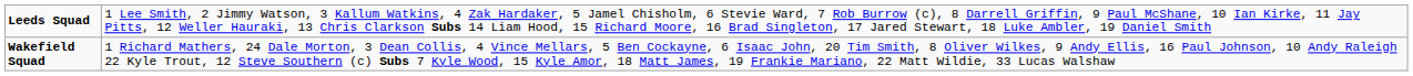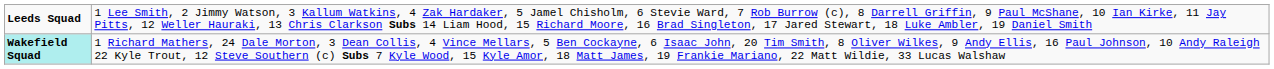 <table class="wikitable" style="font-size:85%;">
 <tr>
 <td><strong>Leeds Squad</strong></td>
 <td>1 <a href='#'>Lee Smith</a>, 2 Jimmy Watson, 3 <a href='#'>Kallum Watkins</a>, 4 <a href='#'>Zak Hardaker</a>, 5 Jamel Chisholm, 6 Stevie Ward, 7 <a href='#'>Rob Burrow</a> (c), 8 <a href='#'>Darrell Griffin</a>, 9 <a href='#'>Paul McShane</a>, 10 <a href='#'>Ian Kirke</a>, 11 <a href='#'>Jay Pitts</a>, 12 <a href='#'>Weller Hauraki</a>, 13 <a href='#'>Chris Clarkson</a> <strong>Subs</strong> 14 Liam Hood, 15 <a href='#'>Richard Moore</a>, 16 <a href='#'>Brad Singleton</a>, 17 Jared Stewart, 18 <a href='#'>Luke Ambler</a>, 19 <a href='#'>Daniel Smith</a></td>
 </tr>
 <tr>
-<td><strong>Wakefield Squad</strong></td>
+<td style="background: paleturquoise;"><strong>Wakefield Squad</strong></td>
 <td>1 <a href='#'>Richard Mathers</a>, 24 <a href='#'>Dale Morton</a>, 3 <a href='#'>Dean Collis</a>, 4 <a href='#'>Vince Mellars</a>, 5 <a href='#'>Ben Cockayne</a>, 6 <a href='#'>Isaac John</a>, 20 <a href='#'>Tim Smith</a>, 8 <a href='#'>Oliver Wilkes</a>, 9 <a href='#'>Andy Ellis</a>, 16 <a href='#'>Paul Johnson</a>, 10 <a href='#'>Andy Raleigh</a> 22 Kyle Trout, 12 <a href='#'>Steve Southern</a> (c) <strong>Subs</strong> 7 <a href='#'>Kyle Wood</a>, 15 <a href='#'>Kyle Amor</a>, 18 <a href='#'>Matt James</a>, 19 <a href='#'>Frankie Mariano</a>, 22 Matt Wildie, 33 Lucas Walshaw</td>
 </tr>
 </table>
